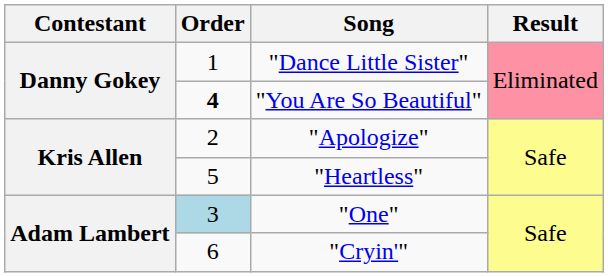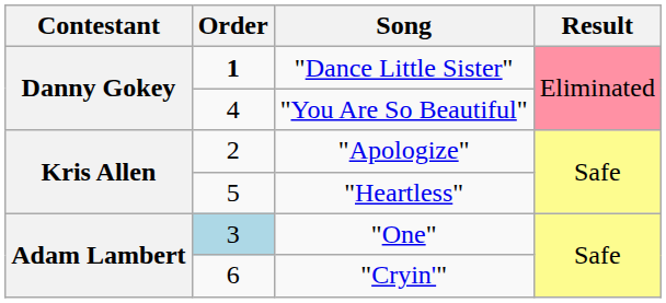 <table class="wikitable unsortable" style="text-align:center;">
 <tr>
 <th scope="col">Contestant</th>
 <th scope="col">Order</th>
 <th scope="col">Song</th>
 <th scope="col">Result</th>
 </tr>
 <tr>
 <th scope="row" rowspan="2">Danny Gokey</th>
-<td>1</td>
+<td><strong>1</strong></td>
 <td>"<a href='#'>Dance Little Sister</a>"</td>
 <td rowspan="2" bgcolor="FF91A4">Eliminated</td>
 </tr>
 <tr>
-<td><strong>4</strong></td>
+<td>4</td>
 <td>"<a href='#'>You Are So Beautiful</a>"</td>
 </tr>
 <tr>
 <th scope="row" rowspan="2">Kris Allen</th>
 <td>2</td>
 <td>"<a href='#'>Apologize</a>"</td>
 <td rowspan="2" bgcolor="FDFC8F">Safe</td>
 </tr>
 <tr>
 <td>5</td>
 <td>"<a href='#'>Heartless</a>"</td>
 </tr>
 <tr>
 <th scope="row" rowspan="2">Adam Lambert</th>
 <td style="background: lightblue;">3</td>
 <td>"<a href='#'>One</a>"</td>
 <td rowspan="2" bgcolor="FDFC8F">Safe</td>
 </tr>
 <tr>
 <td>6</td>
 <td>"<a href='#'>Cryin'</a>"</td>
 </tr>
 </table>
